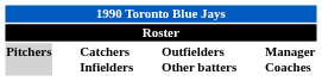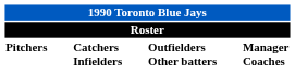 <table class="toccolours" style="font-size: 95%;">
 <tr>
 <th colspan="10" style="background-color: #005ac0; color: #FFFFFF; text-align: center;">1990 Toronto Blue Jays</th>
 </tr>
 <tr>
 <td colspan="10" style="background-color: black; color: white; text-align: center;"><strong>Roster</strong></td>
 </tr>
 <tr>
-<td valign="top" style="background: lightgrey;"><strong>Pitchers</strong><br>                  </td>
+<td valign="top"><strong>Pitchers</strong><br>                  </td>
 <td width="25px"></td>
 <td valign="top"><strong>Catchers</strong><br>    <strong>Infielders</strong>          </td>
 <td width="25 px"></td>
 <td valign="top"><strong>Outfielders</strong><br>       <strong>Other batters</strong> </td>
 <td width="25px"></td>
 <td valign="top"><strong>Manager</strong><br> <strong>Coaches</strong>     </td>
 </tr>
 </table>
